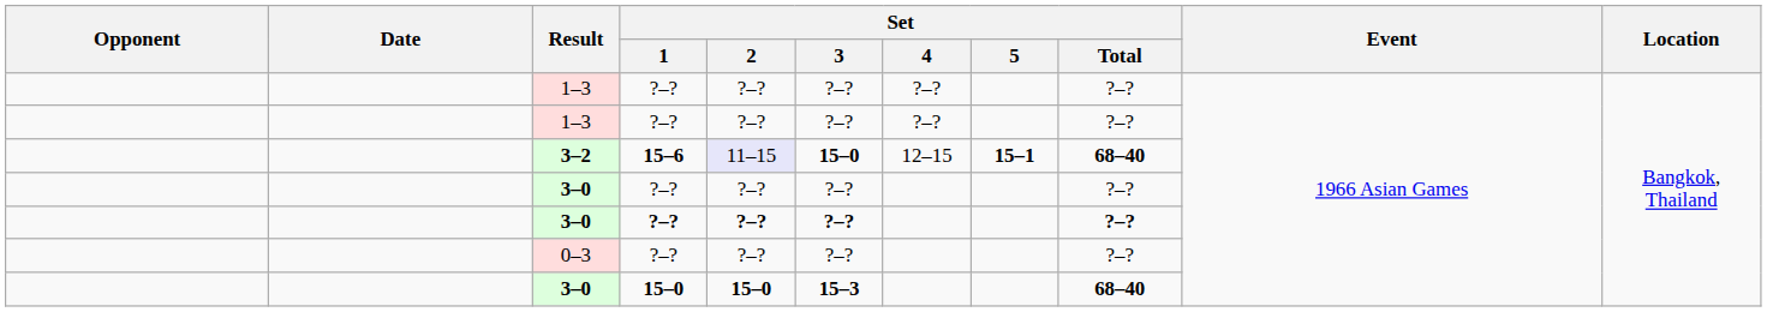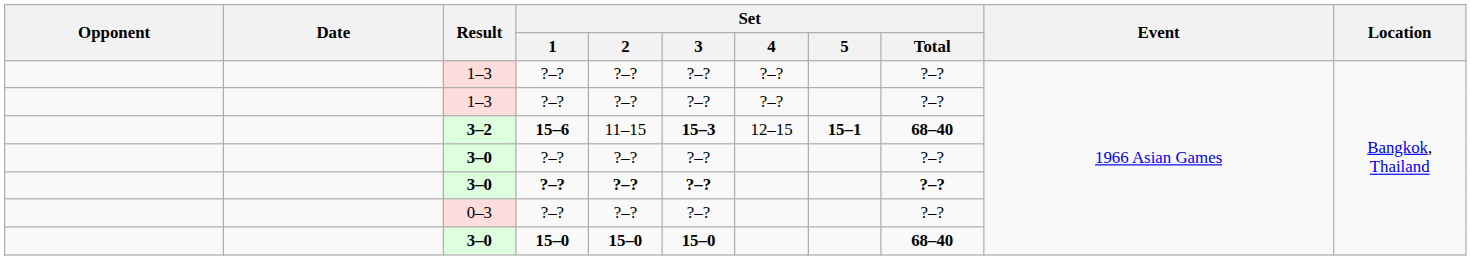 <table class="wikitable" style="font-size: 90%">
 <tr>
 <th rowspan=2 width=15%>Opponent</th>
 <th rowspan=2 width=15%>Date</th>
 <th rowspan=2 width=5%>Result</th>
 <th colspan=6>Set</th>
 <th rowspan=2 width=24%>Event</th>
 <th rowspan=2 width=16%>Location</th>
 </tr>
 <tr>
 <th width=5%>1</th>
 <th width=5%>2</th>
 <th width=5%>3</th>
 <th width=5%>4</th>
 <th width=5%>5</th>
 <th width=7%>Total</th>
 </tr>
 <tr style="text-align:center;">
 <td style="text-align:left;"></td>
 <td></td>
 <td style="background:#ffdddd;">1–3</td>
 <td>?–?</td>
 <td>?–?</td>
 <td>?–?</td>
 <td>?–?</td>
 <td></td>
 <td>?–?</td>
 <td rowspan=8><a href='#'>1966 Asian Games</a></td>
 <td rowspan=8><a href='#'>Bangkok</a>, <a href='#'>Thailand</a></td>
 </tr>
 <tr style="text-align:center;">
 <td style="text-align:left;"></td>
 <td></td>
 <td style="background:#ffdddd;">1–3</td>
 <td>?–?</td>
 <td>?–?</td>
 <td>?–?</td>
 <td>?–?</td>
 <td></td>
 <td>?–?</td>
 </tr>
 <tr style="text-align:center;">
 <td style="text-align:left;"></td>
 <td></td>
 <td style="background:#ddffdd;"><strong>3–2</strong></td>
 <td><strong>15–6</strong></td>
-<td style="background: lavender;">11–15</td>
-<td><strong>15–0</strong></td>
+<td>11–15</td>
+<td><strong>15–3</strong></td>
 <td>12–15</td>
 <td><strong>15–1</strong></td>
 <td><strong>68–40</strong></td>
 </tr>
 <tr style="text-align:center;">
 <td style="text-align:left;"></td>
 <td></td>
 <td style="background:#ddffdd;"><strong>3–0</strong></td>
 <td>?–?</td>
 <td>?–?</td>
 <td>?–?</td>
 <td></td>
 <td></td>
 <td>?–?</td>
 </tr>
 <tr style="text-align:center;">
 <td style="text-align:left;"></td>
 <td></td>
 <td style="background:#ddffdd;"><strong>3–0</strong></td>
 <td><strong>?–?</strong></td>
 <td><strong>?–?</strong></td>
 <td><strong>?–?</strong></td>
 <td></td>
 <td></td>
 <td><strong>?–?</strong></td>
 </tr>
 <tr style="text-align:center;">
 <td style="text-align:left;"></td>
 <td></td>
 <td style="background:#ffdddd;">0–3</td>
 <td>?–?</td>
 <td>?–?</td>
 <td>?–?</td>
 <td></td>
 <td></td>
 <td>?–?</td>
 </tr>
 <tr style="text-align:center;">
 <td style="text-align:left;"></td>
 <td></td>
 <td style="background:#ddffdd;"><strong>3–0</strong></td>
 <td><strong>15–0</strong></td>
 <td><strong>15–0</strong></td>
-<td><strong>15–3</strong></td>
+<td><strong>15–0</strong></td>
 <td></td>
 <td></td>
 <td><strong>68–40</strong></td>
 </tr>
 </table>
